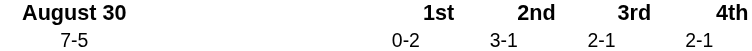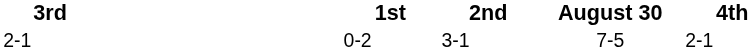 <table width=60% cellspacing=1>
 <tr>
 <th width=20%></th>
-<th width=12%>August 30</th>
+<th width=8%>3rd</th>
 <th width=20%></th>
 <th width=8%>1st</th>
 <th width=8%>2nd</th>
-<th width=8%>3rd</th>
+<th width=12%>August 30</th>
 <th width=8%>4th</th>
 </tr>
 <tr style=font-size:90%>
 <td align=right><strong></strong></td>
-<td align=center>7-5</td>
+<td>2-1</td>
 <td></td>
 <td>0-2</td>
 <td>3-1</td>
-<td>2-1</td>
+<td align=center>7-5</td>
 <td>2-1</td>
 </tr>
 </table>
